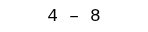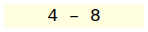 <table style="text-align:center">
 <tr>
 <th width=200></th>
 <th width=100></th>
 <th width=200></th>
 </tr>
 <tr>
 <td align=right></td>
-<td>4 – 8</td>
+<td style="background: lightyellow;">4 – 8</td>
 <td align=left><strong></strong></td>
 </tr>
 </table>
